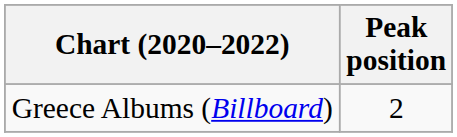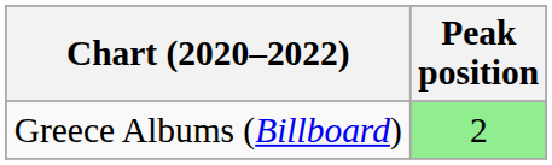 <table class="wikitable plainrowheaders" style="text-align:center">
 <tr>
 <th scope="col">Chart (2020–2022)</th>
 <th scope="col">Peak <br>position</th>
 </tr>
 <tr>
 <td align="left">Greece Albums (<a href='#'><em>Billboard</em></a>)</td>
-<td>2</td>
+<td style="background: lightgreen;">2</td>
 </tr>
 </table>
